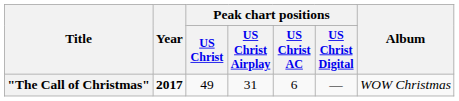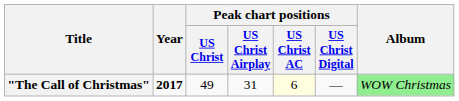 <table class="wikitable plainrowheaders" style="text-align:center;">
 <tr>
 <th scope="col" rowspan="2">Title</th>
 <th scope="col" rowspan="2">Year</th>
 <th scope="col" colspan="4">Peak chart positions</th>
 <th scope="col" rowspan="2">Album</th>
 </tr>
 <tr>
 <th style="width:3em; font-size:90%"><a href='#'>US<br>Christ</a><br></th>
 <th style="width:3em; font-size:90%"><a href='#'>US<br>Christ Airplay</a><br></th>
 <th style="width:3em; font-size:90%"><a href='#'>US<br>Christ AC</a><br></th>
 <th style="width:3em; font-size:90%"><a href='#'>US<br>Christ Digital</a><br></th>
 </tr>
 <tr>
 <th scope="row">"The Call of Christmas"</th>
 <td><strong>2017</strong></td>
 <td>49</td>
 <td>31</td>
-<td>6</td>
+<td style="background: lightyellow;">6</td>
 <td>—</td>
-<td align="left"><em>WOW Christmas</em></td>
+<td align="left" style="background: lightgreen;"><em>WOW Christmas</em></td>
 </tr>
 </table>
